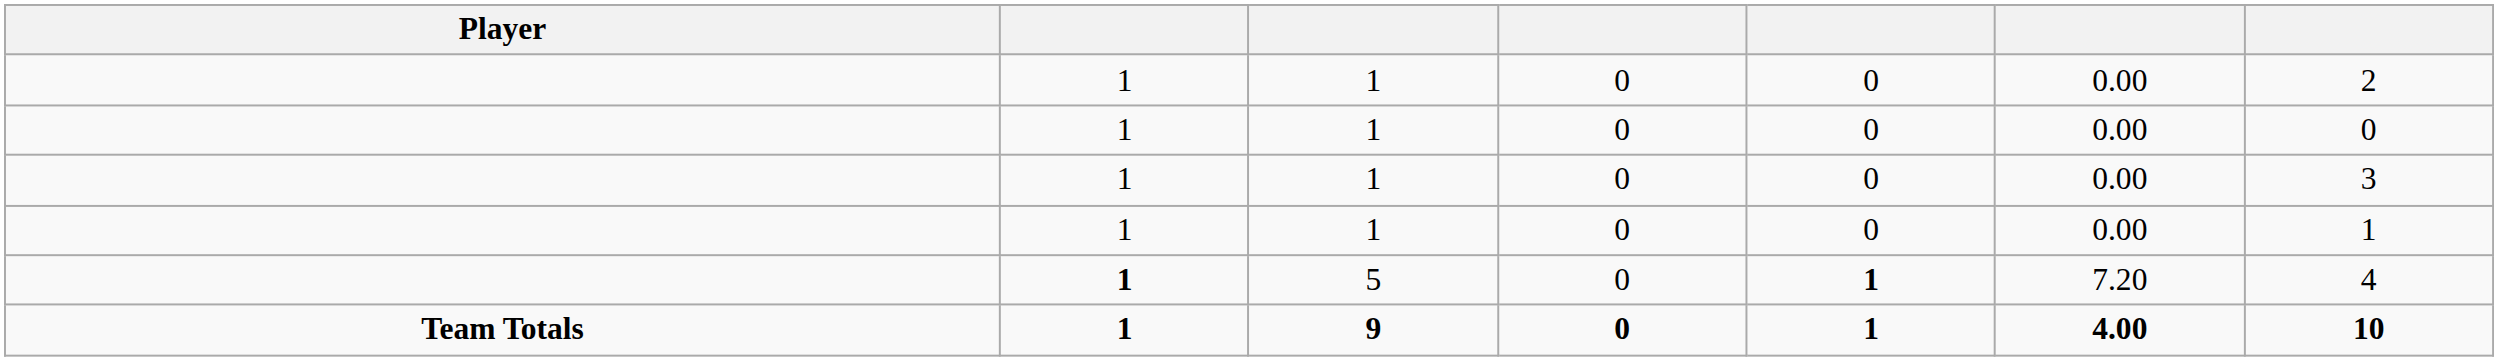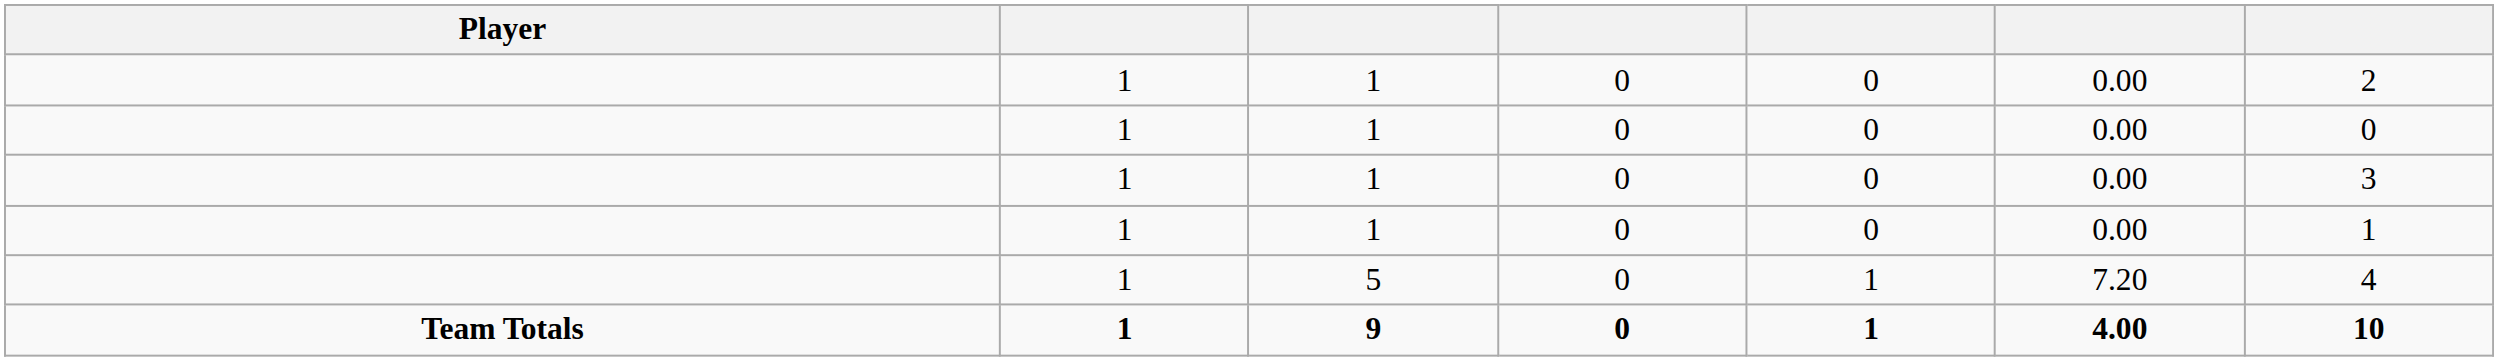 <table class="wikitable sortable" style="text-align:center;" width="100%">
 <tr>
 <th width="40%">Player</th>
 <th width="10%"></th>
 <th width="10%" data-sort-type="number"></th>
 <th width="10%"></th>
 <th width="10%"></th>
 <th width="10%"></th>
 <th width="10%"></th>
 </tr>
 <tr>
 <td></td>
 <td>1</td>
 <td>1</td>
 <td>0</td>
 <td>0</td>
 <td>0.00</td>
 <td>2</td>
 </tr>
 <tr>
 <td></td>
 <td>1</td>
 <td>1</td>
 <td>0</td>
 <td>0</td>
 <td>0.00</td>
 <td>0</td>
 </tr>
 <tr>
 <td></td>
 <td>1</td>
 <td>1</td>
 <td>0</td>
 <td>0</td>
 <td>0.00</td>
 <td>3</td>
 </tr>
 <tr>
 <td></td>
 <td>1</td>
 <td>1</td>
 <td>0</td>
 <td>0</td>
 <td>0.00</td>
 <td>1</td>
 </tr>
 <tr>
 <td></td>
-<td><strong>1</strong></td>
+<td>1</td>
 <td>5</td>
 <td>0</td>
-<td><strong>1</strong></td>
+<td>1</td>
 <td>7.20</td>
 <td>4</td>
 </tr>
 <tr>
 <td><strong>Team Totals</strong></td>
 <td><strong>1</strong></td>
 <td><strong>9</strong></td>
 <td><strong>0</strong></td>
 <td><strong>1</strong></td>
 <td><strong>4.00</strong></td>
 <td><strong>10</strong></td>
 </tr>
 </table>
